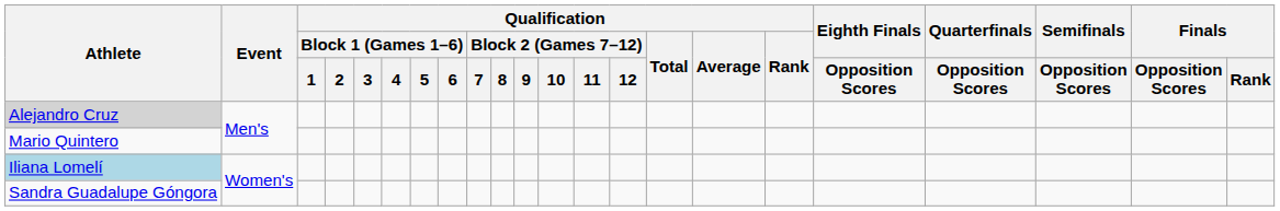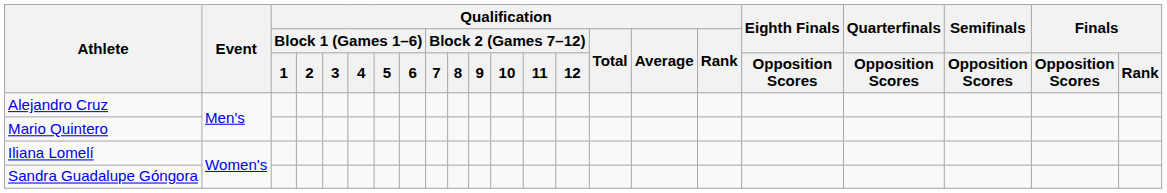 <table class="wikitable" border="1" style="font-size:90%">
 <tr>
 <th rowspan=3>Athlete</th>
 <th rowspan=3>Event</th>
 <th colspan=15>Qualification</th>
 <th rowspan=2>Eighth Finals</th>
 <th rowspan=2>Quarterfinals</th>
 <th rowspan=2>Semifinals</th>
 <th rowspan=2 colspan=2>Finals</th>
 </tr>
 <tr>
 <th colspan=6>Block 1 (Games 1–6)</th>
 <th colspan=6>Block 2 (Games 7–12)</th>
 <th rowspan=2>Total</th>
 <th rowspan=2>Average</th>
 <th rowspan=2>Rank</th>
 </tr>
 <tr>
 <th>1</th>
 <th>2</th>
 <th>3</th>
 <th>4</th>
 <th>5</th>
 <th>6</th>
 <th>7</th>
 <th>8</th>
 <th>9</th>
 <th>10</th>
 <th>11</th>
 <th>12</th>
 <th>Opposition<br>Scores</th>
 <th>Opposition<br>Scores</th>
 <th>Opposition<br>Scores</th>
 <th>Opposition<br>Scores</th>
 <th>Rank</th>
 </tr>
 <tr>
-<td style="background: lightgrey;"><a href='#'>Alejandro Cruz</a></td>
+<td><a href='#'>Alejandro Cruz</a></td>
 <td rowspan=2><a href='#'>Men's</a><br></td>
 <td align=center></td>
 <td align=center></td>
 <td align=center></td>
 <td align=center></td>
 <td align=center></td>
 <td align=center></td>
 <td align=center></td>
 <td align=center></td>
 <td align=center></td>
 <td align=center></td>
 <td align=center></td>
 <td align=center></td>
 <td align=center></td>
 <td align=center></td>
 <td align=center></td>
 <td align=center></td>
 <td align=center></td>
 <td align=center></td>
 <td align=center></td>
 <td align=center></td>
 </tr>
 <tr>
 <td><a href='#'>Mario Quintero</a></td>
 <td align=center></td>
 <td align=center></td>
 <td align=center></td>
 <td align=center></td>
 <td align=center></td>
 <td align=center></td>
 <td align=center></td>
 <td align=center></td>
 <td align=center></td>
 <td align=center></td>
 <td align=center></td>
 <td align=center></td>
 <td align=center></td>
 <td align=center></td>
 <td align=center></td>
 <td align=center></td>
 <td align=center></td>
 <td align=center></td>
 <td align=center></td>
 <td align=center></td>
 </tr>
 <tr>
-<td style="background: lightblue;"><a href='#'>Iliana Lomelí</a></td>
+<td><a href='#'>Iliana Lomelí</a></td>
 <td rowspan=2><a href='#'>Women's</a><br></td>
 <td align=center></td>
 <td align=center></td>
 <td align=center></td>
 <td align=center></td>
 <td align=center></td>
 <td align=center></td>
 <td align=center></td>
 <td align=center></td>
 <td align=center></td>
 <td align=center></td>
 <td align=center></td>
 <td align=center></td>
 <td align=center></td>
 <td align=center></td>
 <td align=center></td>
 <td align=center></td>
 <td align=center></td>
 <td align=center></td>
 <td align=center></td>
 <td align=center></td>
 </tr>
 <tr>
 <td><a href='#'>Sandra Guadalupe Góngora</a></td>
 <td align=center></td>
 <td align=center></td>
 <td align=center></td>
 <td align=center></td>
 <td align=center></td>
 <td align=center></td>
 <td align=center></td>
 <td align=center></td>
 <td align=center></td>
 <td align=center></td>
 <td align=center></td>
 <td align=center></td>
 <td align=center></td>
 <td align=center></td>
 <td align=center></td>
 <td align=center></td>
 <td align=center></td>
 <td align=center></td>
 <td align=center></td>
 <td align=center></td>
 </tr>
 </table>
